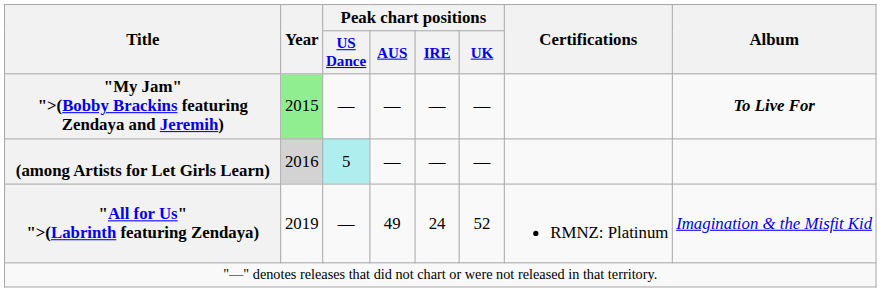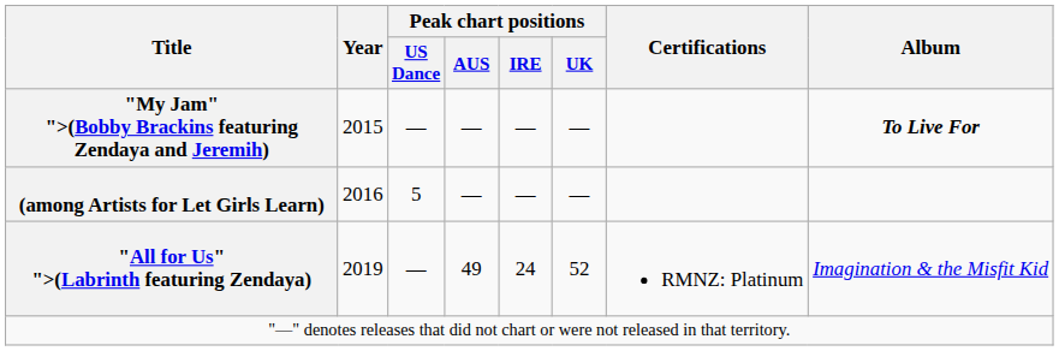 <table class="wikitable plainrowheaders" style="text-align:center;">
 <tr>
 <th scope="col" rowspan="2" style="width:16em;">Title</th>
 <th scope="col" rowspan="2">Year</th>
 <th scope="col" colspan="4">Peak chart positions</th>
 <th scope="col" rowspan="2">Certifications</th>
 <th scope="col" rowspan="2">Album</th>
 </tr>
 <tr>
 <th scope="col" style="width:2.5em;font-size:90%;"><a href='#'>US<br>Dance</a><br></th>
 <th scope="col" style="width:2.5em;font-size:90%;"><a href='#'>AUS</a><br></th>
 <th scope="col" style="width:2.5em;font-size:90%;"><a href='#'>IRE</a><br></th>
 <th scope="col" style="width:2.5em;font-size:90%;"><a href='#'>UK</a><br></th>
 </tr>
 <tr>
 <th scope="row">"My Jam"<br><span>">(<a href='#'>Bobby Brackins</a> featuring Zendaya and <a href='#'>Jeremih</a>)</span></th>
-<td style="background: lightgreen;">2015</td>
+<td>2015</td>
 <td>—</td>
 <td>—</td>
 <td>—</td>
 <td>—</td>
 <td></td>
 <td><strong><em>To Live For</em></strong></td>
 </tr>
 <tr>
 <th scope="row"><br><span>(among Artists for Let Girls Learn)</span></th>
-<td style="background: lightgrey;">2016</td>
-<td style="background: paleturquoise;">5</td>
+<td>2016</td>
+<td>5</td>
 <td>—</td>
 <td>—</td>
 <td>—</td>
 <td></td>
 <td></td>
 </tr>
 <tr>
 <th scope="row">"<a href='#'>All for Us</a>"<br><span>">(<a href='#'>Labrinth</a> featuring Zendaya)</span></th>
 <td>2019</td>
 <td>—</td>
 <td>49</td>
 <td>24</td>
 <td>52</td>
 <td><br><ul><li>RMNZ: Platinum</li></ul></td>
 <td><em><a href='#'>Imagination & the Misfit Kid</a></em></td>
 </tr>
 <tr>
 <td colspan="14" style="font-size:85%">"—" denotes releases that did not chart or were not released in that territory.</td>
 </tr>
 </table>
